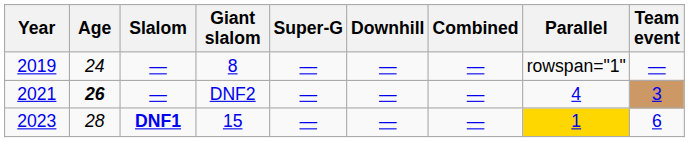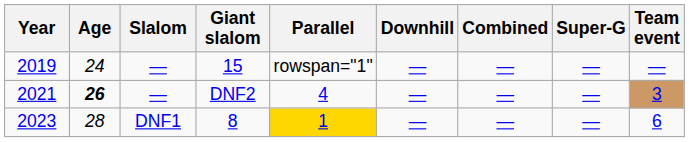 <table class=wikitable style="text-align:center">
 <tr>
 <th>  Year  </th>
 <th> Age </th>
 <th> Slalom </th>
 <th> Giant <br> slalom </th>
-<th>Super-G</th>
+<th>Parallel</th>
 <th>Downhill</th>
 <th>Combined</th>
-<th>Parallel</th>
+<th>Super-G</th>
 <th>Team<br>event</th>
 </tr>
 <tr>
 <td><a href='#'>2019</a></td>
 <td><em>24</em></td>
 <td><a href='#'>—</a></td>
-<td><a href='#'>8</a></td>
+<td><a href='#'>15</a></td>
+<td>rowspan="1" </td>
 <td><a href='#'>—</a></td>
 <td><a href='#'>—</a></td>
 <td><a href='#'>—</a></td>
-<td>rowspan="1" </td>
 <td><a href='#'>—</a></td>
 </tr>
 <tr>
 <td><a href='#'>2021</a></td>
 <td><strong><em>26</em></strong></td>
 <td><a href='#'>—</a></td>
 <td><a href='#'>DNF2</a></td>
+<td><a href='#'>4</a></td>
 <td><a href='#'>—</a></td>
 <td><a href='#'>—</a></td>
 <td><a href='#'>—</a></td>
-<td><a href='#'>4</a></td>
 <td style="background:#c96;"><a href='#'>3</a></td>
 </tr>
 <tr>
 <td><a href='#'>2023</a></td>
 <td><em>28</em></td>
-<td><strong><a href='#'>DNF1</a></strong></td>
-<td><a href='#'>15</a></td>
+<td><a href='#'>DNF1</a></td>
+<td><a href='#'>8</a></td>
+<td style="background:gold;"><a href='#'>1</a></td>
 <td><a href='#'>—</a></td>
 <td><a href='#'>—</a></td>
 <td><a href='#'>—</a></td>
-<td style="background:gold;"><a href='#'>1</a></td>
 <td><a href='#'>6</a></td>
 </tr>
 </table>
